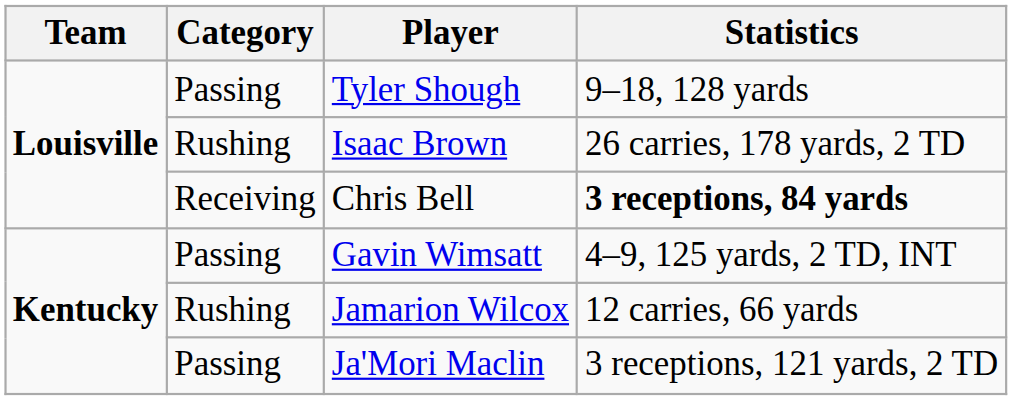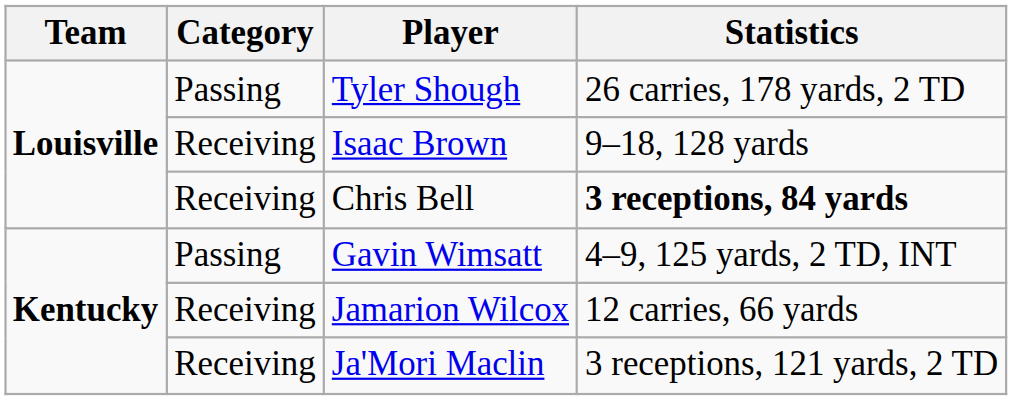 <table class="wikitable" style="float: right;">
 <tr>
 <th>Team</th>
 <th>Category</th>
 <th>Player</th>
 <th>Statistics</th>
 </tr>
 <tr>
 <td rowspan=3><strong>Louisville</strong></td>
 <td>Passing</td>
 <td><a href='#'>Tyler Shough</a></td>
-<td>9–18, 128 yards</td>
+<td>26 carries, 178 yards, 2 TD</td>
 </tr>
 <tr>
-<td>Rushing</td>
+<td>Receiving</td>
 <td><a href='#'>Isaac Brown</a></td>
-<td>26 carries, 178 yards, 2 TD</td>
+<td>9–18, 128 yards</td>
 </tr>
 <tr>
 <td>Receiving</td>
 <td>Chris Bell</td>
 <td><strong>3 receptions, 84 yards</strong></td>
 </tr>
 <tr>
 <td rowspan=3><strong>Kentucky</strong></td>
 <td>Passing</td>
 <td><a href='#'>Gavin Wimsatt</a></td>
 <td>4–9, 125 yards, 2 TD, INT</td>
 </tr>
 <tr>
-<td>Rushing</td>
+<td>Receiving</td>
 <td><a href='#'>Jamarion Wilcox</a></td>
 <td>12  carries, 66 yards</td>
 </tr>
 <tr>
-<td>Passing</td>
+<td>Receiving</td>
 <td><a href='#'>Ja'Mori Maclin</a></td>
 <td>3 receptions, 121 yards, 2 TD</td>
 </tr>
 </table>
